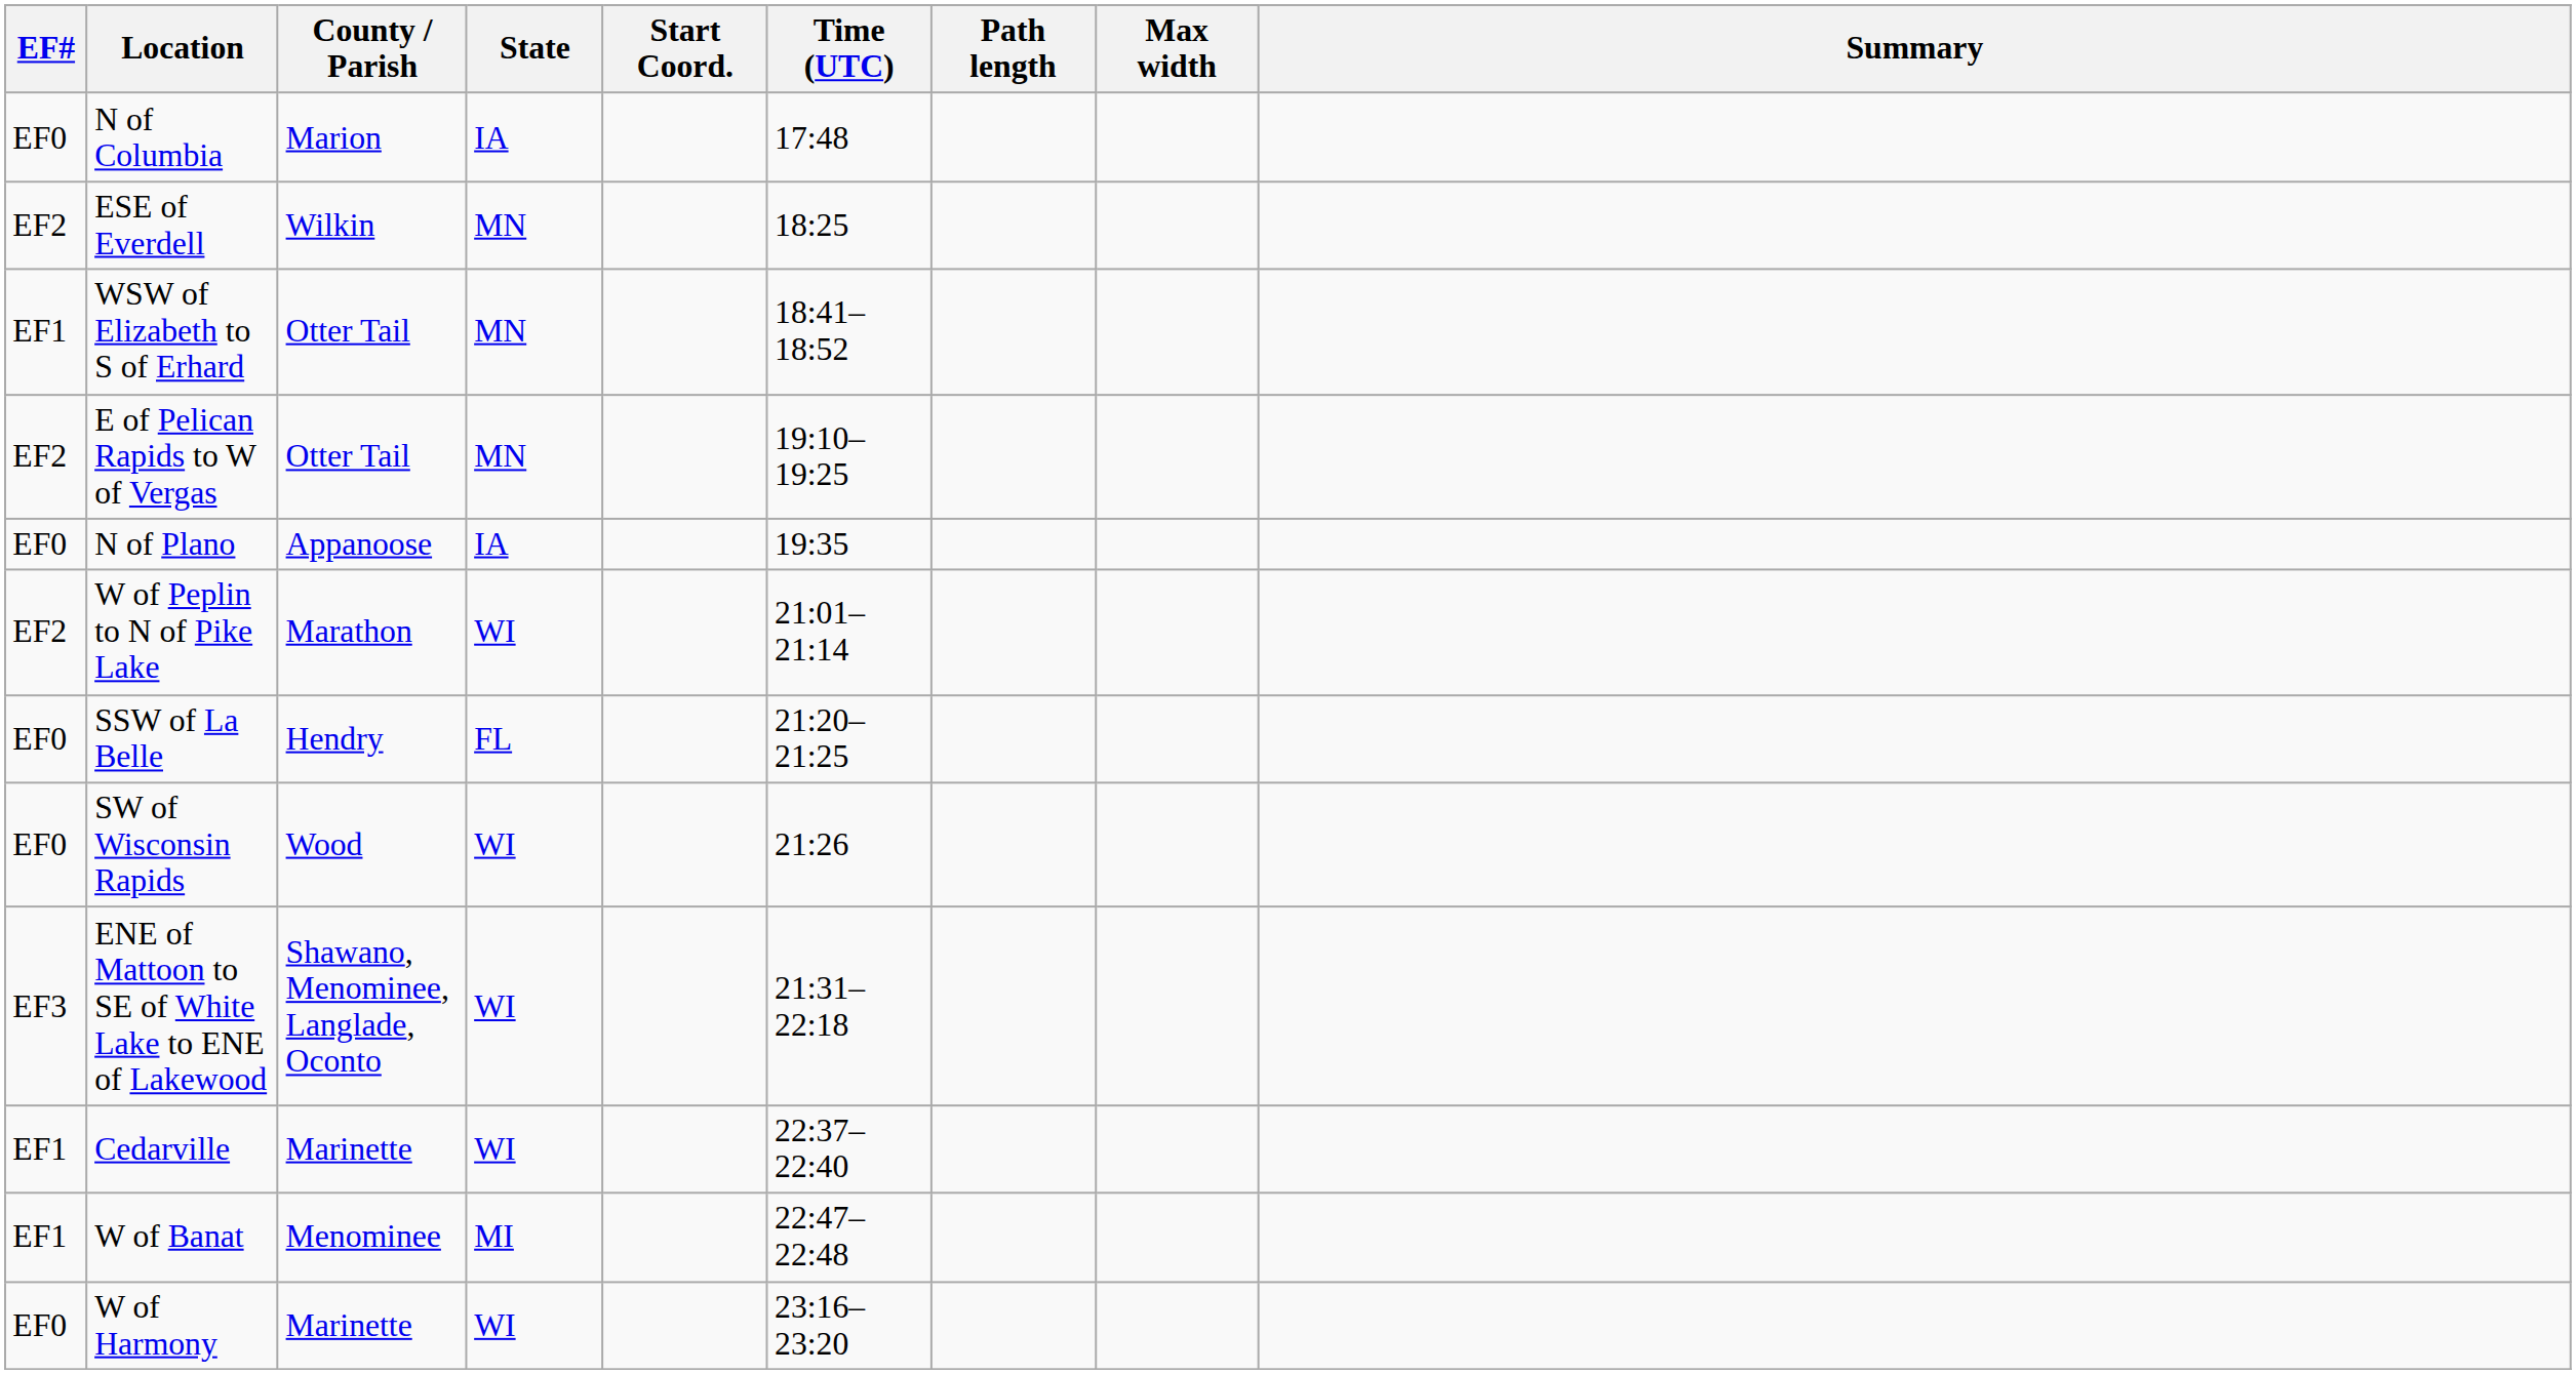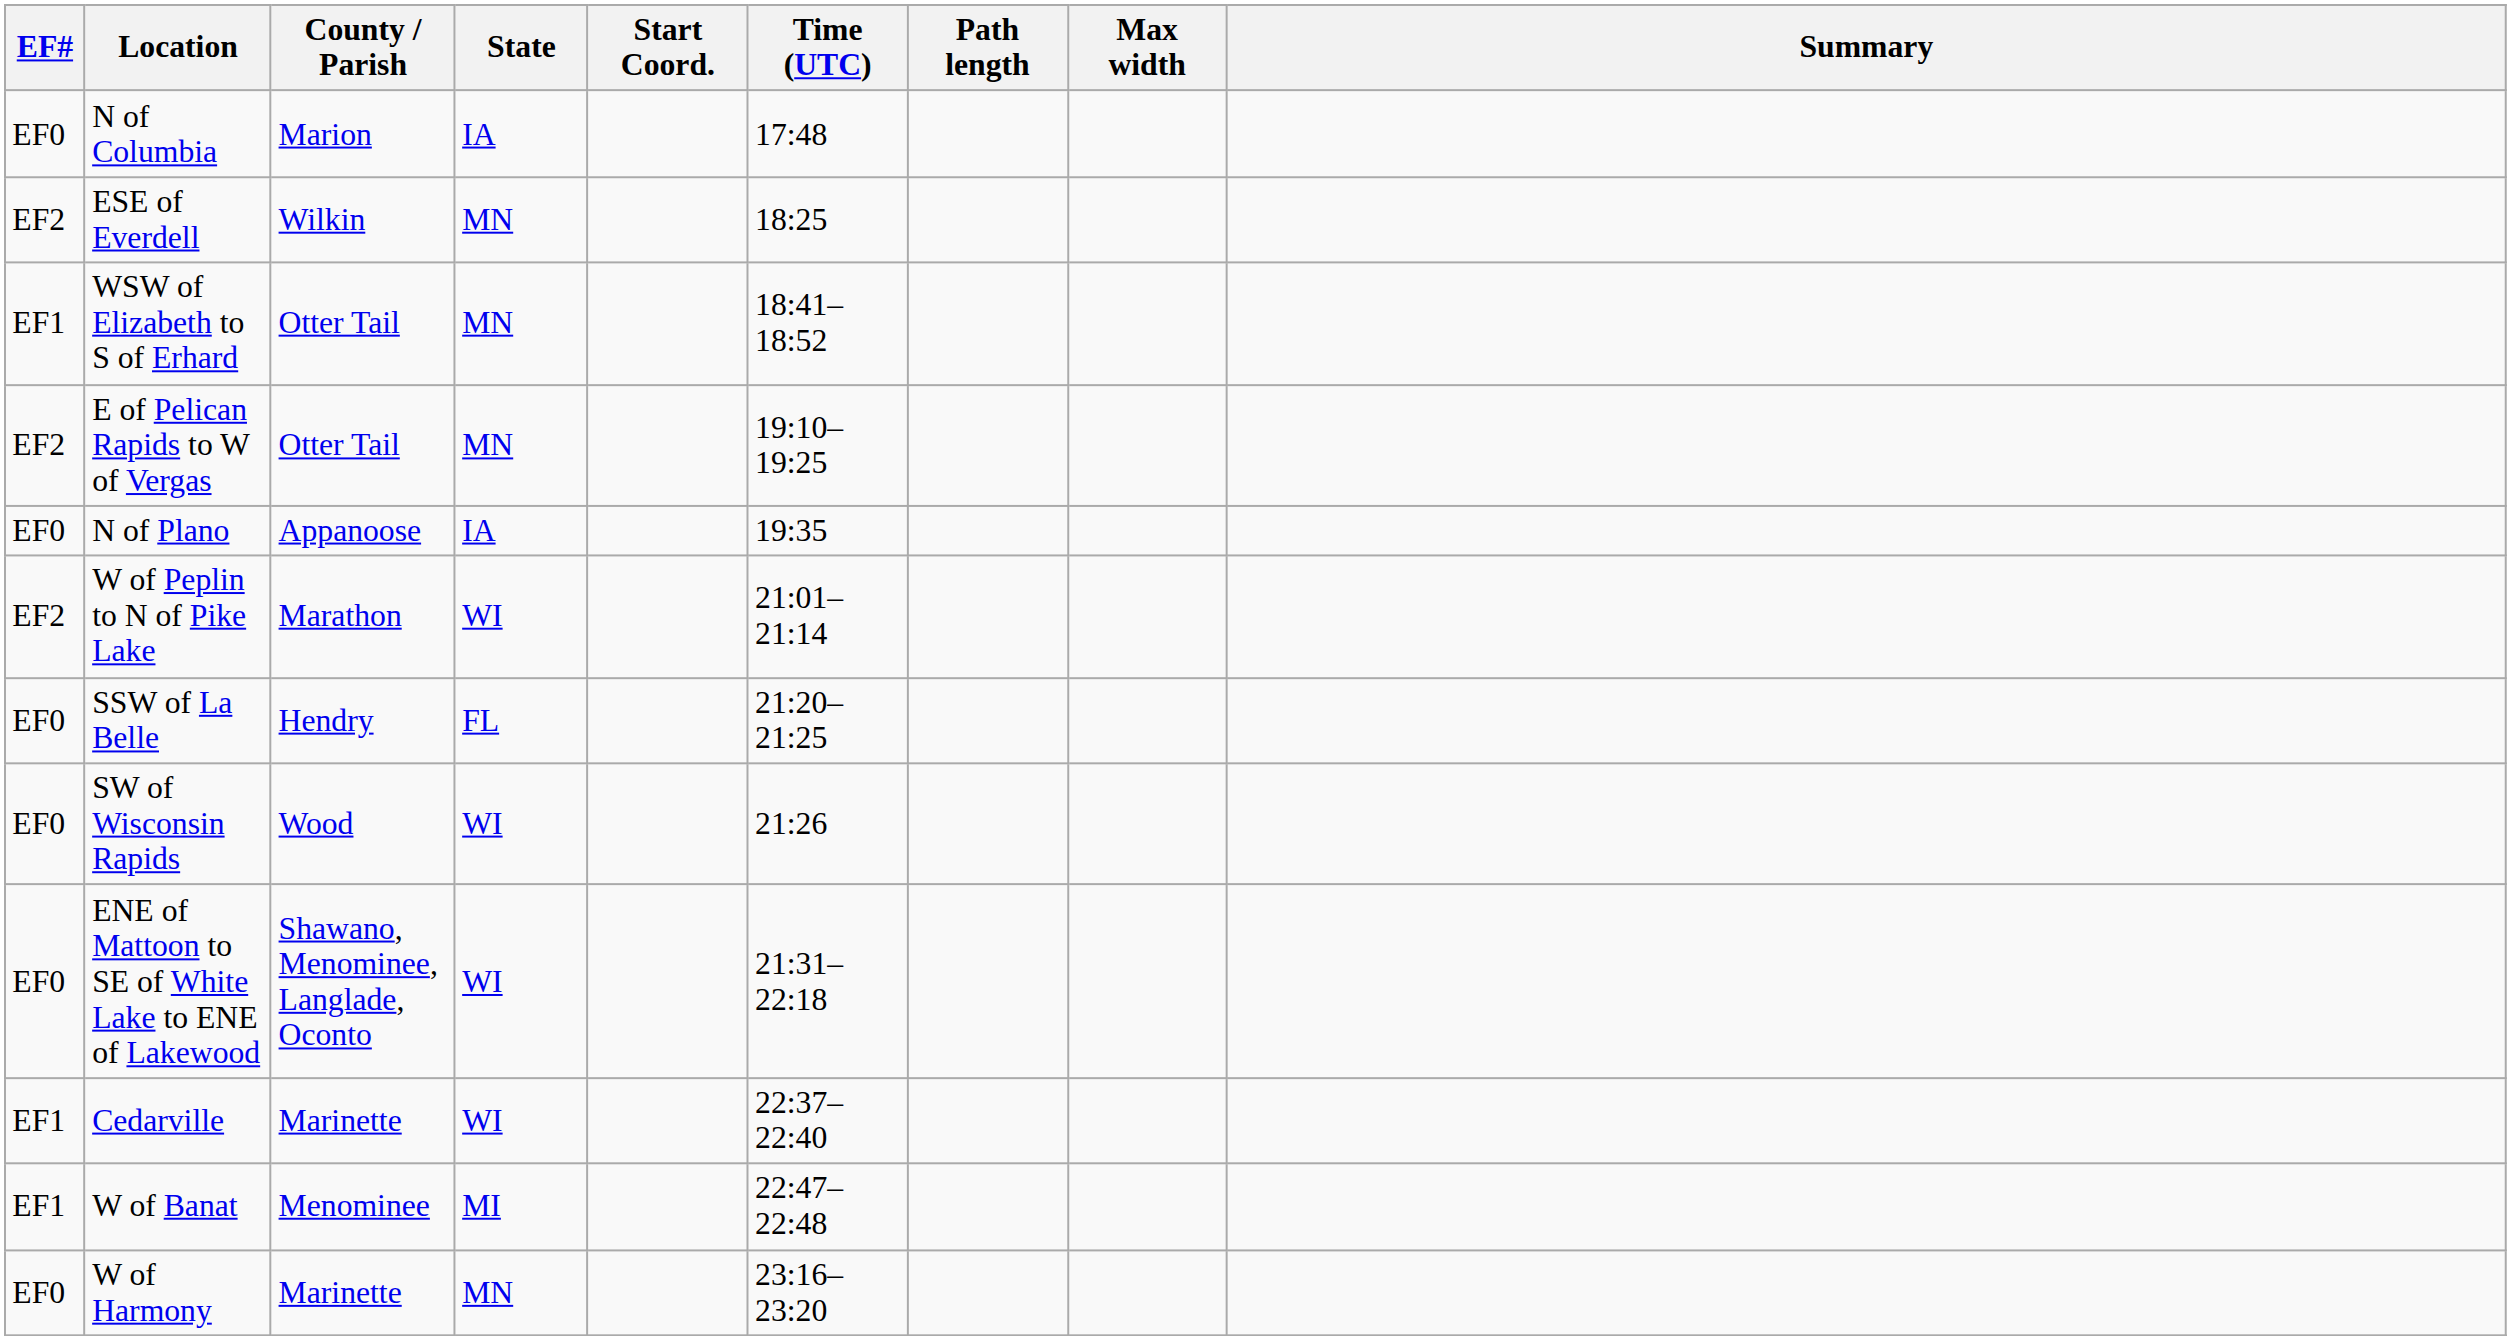 <table class="wikitable sortable" style="width:100%;">
 <tr>
 <th scope="col"  style="width:3%; text-align:center;"><a href='#'>EF#</a></th>
 <th scope="col"  style="width:7%; text-align:center;" class="unsortable">Location</th>
 <th scope="col"  style="width:6%; text-align:center;" class="unsortable">County / Parish</th>
 <th scope="col"  style="width:5%; text-align:center;">State</th>
 <th scope="col"  style="width:6%; text-align:center;">Start Coord.</th>
 <th scope="col"  style="width:6%; text-align:center;">Time (<a href='#'>UTC</a>)</th>
 <th scope="col"  style="width:6%; text-align:center;">Path length</th>
 <th scope="col"  style="width:6%; text-align:center;">Max width</th>
 <th scope="col" class="unsortable" style="width:48%; text-align:center;">Summary</th>
 </tr>
 <tr>
 <td>EF0</td>
 <td>N of <a href='#'>Columbia</a></td>
 <td><a href='#'>Marion</a></td>
 <td><a href='#'>IA</a></td>
 <td></td>
 <td>17:48</td>
 <td></td>
 <td></td>
 <td></td>
 </tr>
 <tr>
 <td>EF2</td>
 <td>ESE of <a href='#'>Everdell</a></td>
 <td><a href='#'>Wilkin</a></td>
 <td><a href='#'>MN</a></td>
 <td></td>
 <td>18:25</td>
 <td></td>
 <td></td>
 <td></td>
 </tr>
 <tr>
 <td>EF1</td>
 <td>WSW of <a href='#'>Elizabeth</a> to S of <a href='#'>Erhard</a></td>
 <td><a href='#'>Otter Tail</a></td>
 <td><a href='#'>MN</a></td>
 <td></td>
 <td>18:41–18:52</td>
 <td></td>
 <td></td>
 <td></td>
 </tr>
 <tr>
 <td>EF2</td>
 <td>E of <a href='#'>Pelican Rapids</a> to W of <a href='#'>Vergas</a></td>
 <td><a href='#'>Otter Tail</a></td>
 <td><a href='#'>MN</a></td>
 <td></td>
 <td>19:10–19:25</td>
 <td></td>
 <td></td>
 <td></td>
 </tr>
 <tr>
 <td>EF0</td>
 <td>N of <a href='#'>Plano</a></td>
 <td><a href='#'>Appanoose</a></td>
 <td><a href='#'>IA</a></td>
 <td></td>
 <td>19:35</td>
 <td></td>
 <td></td>
 <td></td>
 </tr>
 <tr>
 <td>EF2</td>
 <td>W of <a href='#'>Peplin</a> to N of <a href='#'>Pike Lake</a></td>
 <td><a href='#'>Marathon</a></td>
 <td><a href='#'>WI</a></td>
 <td></td>
 <td>21:01–21:14</td>
 <td></td>
 <td></td>
 <td></td>
 </tr>
 <tr>
 <td>EF0</td>
 <td>SSW of <a href='#'>La Belle</a></td>
 <td><a href='#'>Hendry</a></td>
 <td><a href='#'>FL</a></td>
 <td></td>
 <td>21:20–21:25</td>
 <td></td>
 <td></td>
 <td></td>
 </tr>
 <tr>
 <td>EF0</td>
 <td>SW of <a href='#'>Wisconsin Rapids</a></td>
 <td><a href='#'>Wood</a></td>
 <td><a href='#'>WI</a></td>
 <td></td>
 <td>21:26</td>
 <td></td>
 <td></td>
 <td></td>
 </tr>
 <tr>
-<td>EF3</td>
+<td>EF0</td>
 <td>ENE of <a href='#'>Mattoon</a> to SE of <a href='#'>White Lake</a> to ENE of <a href='#'>Lakewood</a></td>
 <td><a href='#'>Shawano</a>, <a href='#'>Menominee</a>, <a href='#'>Langlade</a>, <a href='#'>Oconto</a></td>
 <td><a href='#'>WI</a></td>
 <td></td>
 <td>21:31–22:18</td>
 <td></td>
 <td></td>
 <td></td>
 </tr>
 <tr>
 <td>EF1</td>
 <td><a href='#'>Cedarville</a></td>
 <td><a href='#'>Marinette</a></td>
 <td><a href='#'>WI</a></td>
 <td></td>
 <td>22:37–22:40</td>
 <td></td>
 <td></td>
 <td></td>
 </tr>
 <tr>
 <td>EF1</td>
 <td>W of <a href='#'>Banat</a></td>
 <td><a href='#'>Menominee</a></td>
 <td><a href='#'>MI</a></td>
 <td></td>
 <td>22:47–22:48</td>
 <td></td>
 <td></td>
 <td></td>
 </tr>
 <tr>
 <td>EF0</td>
 <td>W of <a href='#'>Harmony</a></td>
 <td><a href='#'>Marinette</a></td>
-<td><a href='#'>WI</a></td>
+<td><a href='#'>MN</a></td>
 <td></td>
 <td>23:16–23:20</td>
 <td></td>
 <td></td>
 <td></td>
 </tr>
 <tr>
 </tr>
 </table>
